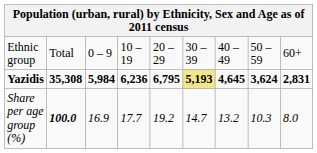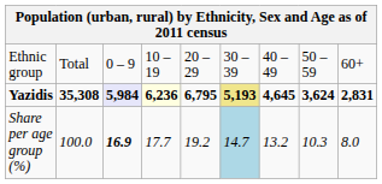 <table class="wikitable" width="400px">
 <tr>
 <th colspan=19>Population (urban, rural) by Ethnicity, Sex and Age as of 2011 census</th>
 </tr>
 <tr>
 <td>Ethnic group</td>
 <td>Total</td>
 <td>0 – 9</td>
 <td>10 – 19</td>
 <td>20 – 29</td>
 <td>30 – 39</td>
 <td>40 – 49</td>
 <td>50 – 59</td>
 <td>60+</td>
 </tr>
 <tr>
 <td><strong>Yazidis</strong></td>
 <td><strong>35,308</strong></td>
-<td><strong>5,984</strong></td>
-<td><strong>6,236</strong></td>
+<td style="background: lavender;"><strong>5,984</strong></td>
+<td style="background: lightyellow;"><strong>6,236</strong></td>
 <td><strong>6,795</strong></td>
 <td style="background: khaki;"><strong>5,193</strong></td>
 <td><strong>4,645</strong></td>
 <td><strong>3,624</strong></td>
 <td><strong>2,831</strong></td>
 </tr>
 <tr>
 <td><em>Share per age group (%)</em></td>
-<td><strong><em>100.0</em></strong></td>
-<td><em>16.9</em></td>
+<td><em>100.0</em></td>
+<td><strong><em>16.9</em></strong></td>
 <td><em>17.7</em></td>
 <td><em>19.2</em></td>
-<td><em>14.7</em></td>
+<td style="background: lightblue;"><em>14.7</em></td>
 <td><em>13.2</em></td>
 <td><em>10.3</em></td>
 <td><em>8.0</em></td>
 </tr>
 </table>
